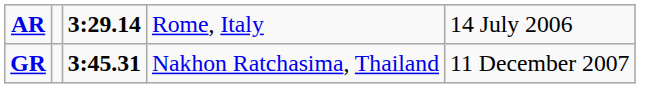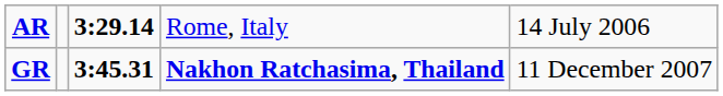 <table class="wikitable" style="font-size:95%; position:relative;">
 <tr>
 <td align=center><strong><a href='#'>AR</a></strong></td>
 <td></td>
 <td><strong>3:29.14</strong></td>
 <td><a href='#'>Rome</a>, <a href='#'>Italy</a></td>
 <td>14 July 2006</td>
 </tr>
 <tr>
 <td align=center><strong><a href='#'>GR</a></strong></td>
 <td></td>
 <td><strong>3:45.31</strong></td>
-<td><a href='#'>Nakhon Ratchasima</a>, <a href='#'>Thailand</a></td>
+<td><strong><a href='#'>Nakhon Ratchasima</a>, <a href='#'>Thailand</a></strong></td>
 <td>11 December 2007</td>
 </tr>
 </table>
